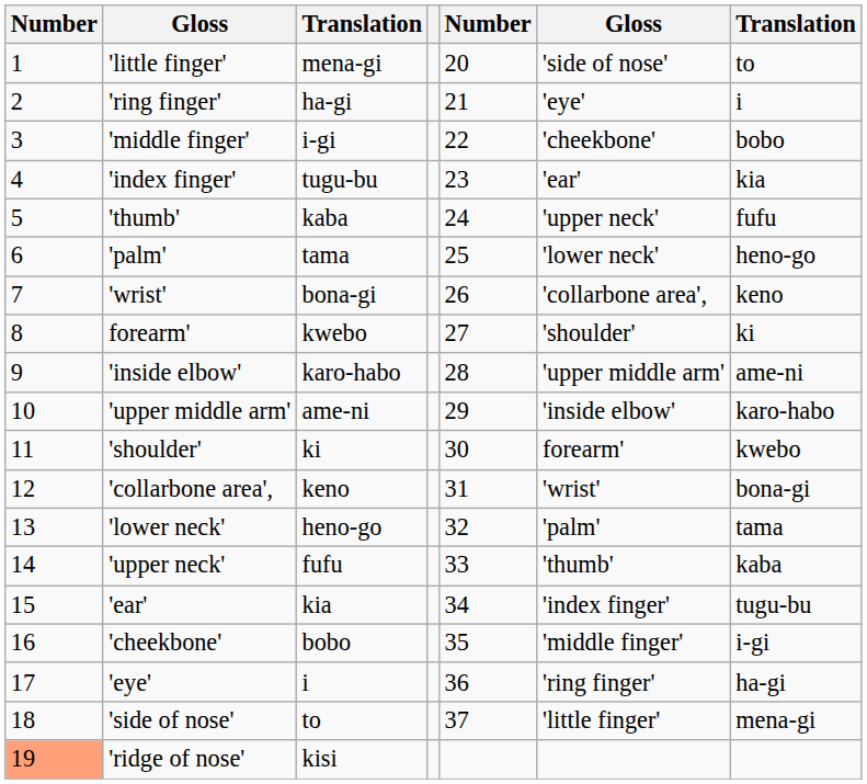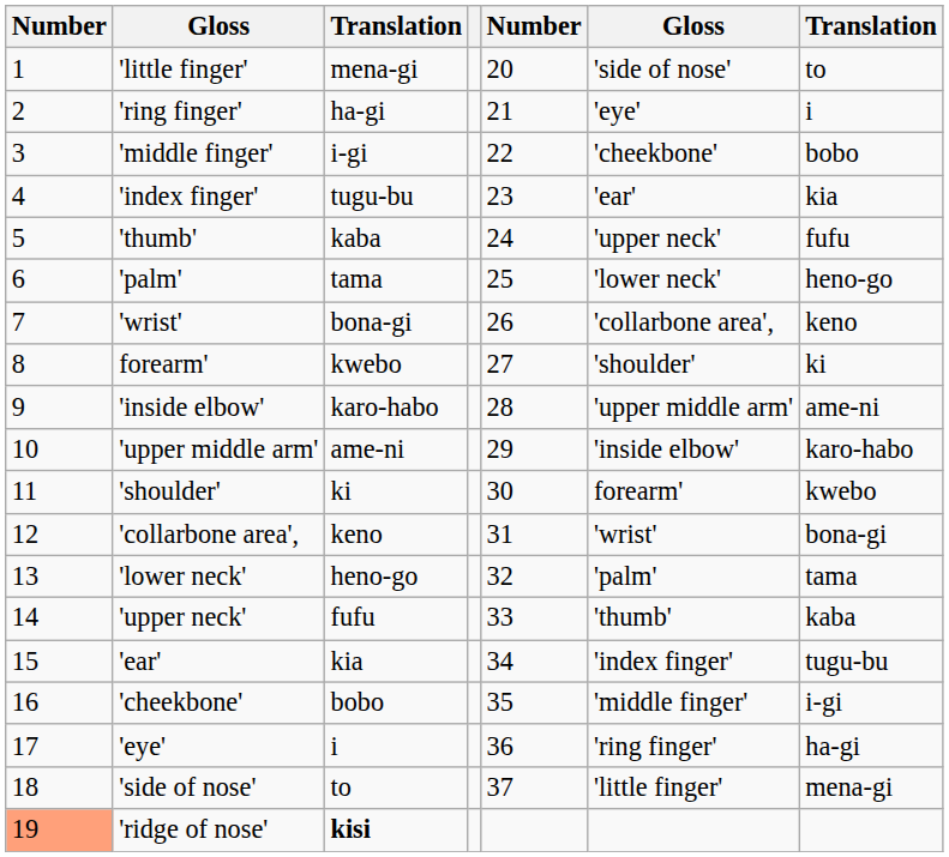 <table class="wikitable">
 <tr>
 <th>Number</th>
 <th>Gloss</th>
 <th>Translation</th>
 <th></th>
 <th>Number</th>
 <th>Gloss</th>
 <th>Translation</th>
 </tr>
 <tr>
 <td>1</td>
 <td>'little finger'</td>
 <td>mena-gi</td>
 <td></td>
 <td>20</td>
 <td>'side of nose'</td>
 <td>to</td>
 </tr>
 <tr>
 <td>2</td>
 <td>'ring finger'</td>
 <td>ha-gi</td>
 <td></td>
 <td>21</td>
 <td>'eye'</td>
 <td>i</td>
 </tr>
 <tr>
 <td>3</td>
 <td>'middle finger'</td>
 <td>i-gi</td>
 <td></td>
 <td>22</td>
 <td>'cheekbone'</td>
 <td>bobo</td>
 </tr>
 <tr>
 <td>4</td>
 <td>'index finger'</td>
 <td>tugu-bu</td>
 <td></td>
 <td>23</td>
 <td>'ear'</td>
 <td>kia</td>
 </tr>
 <tr>
 <td>5</td>
 <td>'thumb'</td>
 <td>kaba</td>
 <td></td>
 <td>24</td>
 <td>'upper neck'</td>
 <td>fufu</td>
 </tr>
 <tr>
 <td>6</td>
 <td>'palm'</td>
 <td>tama</td>
 <td></td>
 <td>25</td>
 <td>'lower neck'</td>
 <td>heno-go</td>
 </tr>
 <tr>
 <td>7</td>
 <td>'wrist'</td>
 <td>bona-gi</td>
 <td></td>
 <td>26</td>
 <td>'collarbone area',</td>
 <td>keno</td>
 </tr>
 <tr>
 <td>8</td>
 <td>forearm'</td>
 <td>kwebo</td>
 <td></td>
 <td>27</td>
 <td>'shoulder'</td>
 <td>ki</td>
 </tr>
 <tr>
 <td>9</td>
 <td>'inside elbow'</td>
 <td>karo-habo</td>
 <td></td>
 <td>28</td>
 <td>'upper middle arm'</td>
 <td>ame-ni</td>
 </tr>
 <tr>
 <td>10</td>
 <td>'upper middle arm'</td>
 <td>ame-ni</td>
 <td></td>
 <td>29</td>
 <td>'inside elbow'</td>
 <td>karo-habo</td>
 </tr>
 <tr>
 <td>11</td>
 <td>'shoulder'</td>
 <td>ki</td>
 <td></td>
 <td>30</td>
 <td>forearm'</td>
 <td>kwebo</td>
 </tr>
 <tr>
 <td>12</td>
 <td>'collarbone area',</td>
 <td>keno</td>
 <td></td>
 <td>31</td>
 <td>'wrist'</td>
 <td>bona-gi</td>
 </tr>
 <tr>
 <td>13</td>
 <td>'lower neck'</td>
 <td>heno-go</td>
 <td></td>
 <td>32</td>
 <td>'palm'</td>
 <td>tama</td>
 </tr>
 <tr>
 <td>14</td>
 <td>'upper neck'</td>
 <td>fufu</td>
 <td></td>
 <td>33</td>
 <td>'thumb'</td>
 <td>kaba</td>
 </tr>
 <tr>
 <td>15</td>
 <td>'ear'</td>
 <td>kia</td>
 <td></td>
 <td>34</td>
 <td>'index finger'</td>
 <td>tugu-bu</td>
 </tr>
 <tr>
 <td>16</td>
 <td>'cheekbone'</td>
 <td>bobo</td>
 <td></td>
 <td>35</td>
 <td>'middle finger'</td>
 <td>i-gi</td>
 </tr>
 <tr>
 <td>17</td>
 <td>'eye'</td>
 <td>i</td>
 <td></td>
 <td>36</td>
 <td>'ring finger'</td>
 <td>ha-gi</td>
 </tr>
 <tr>
 <td>18</td>
 <td>'side of nose'</td>
 <td>to</td>
 <td></td>
 <td>37</td>
 <td>'little finger'</td>
 <td>mena-gi</td>
 </tr>
 <tr>
 <td style="background: lightsalmon;">19</td>
 <td>'ridge of nose'</td>
-<td>kisi</td>
+<td><strong>kisi</strong></td>
 <td></td>
 <td></td>
 <td></td>
 <td></td>
 </tr>
 </table>
